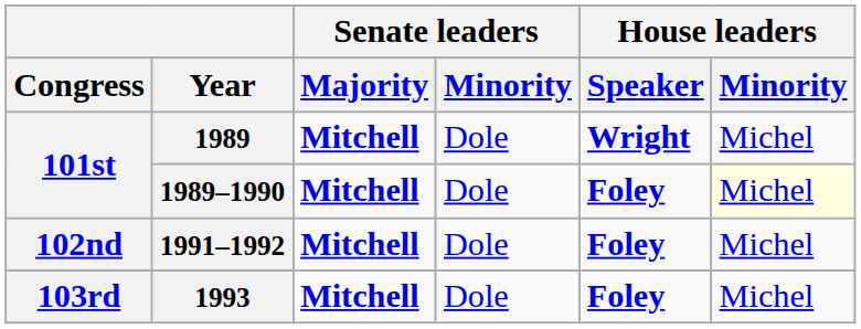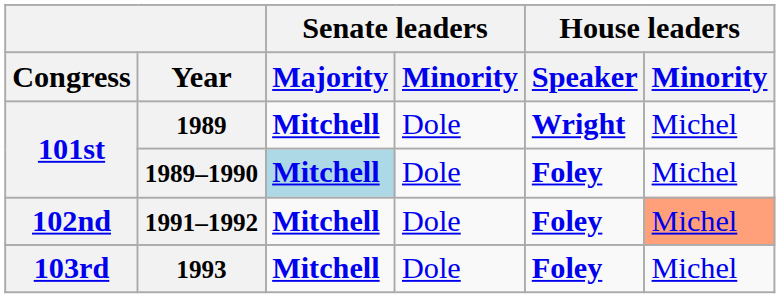 <table class="wikitable" style="margin-left:1em">
 <tr>
 <th colspan=2></th>
 <th colspan=2>Senate leaders</th>
 <th colspan=2>House leaders</th>
 </tr>
 <tr>
 <th>Congress</th>
 <th>Year</th>
 <th><a href='#'>Majority</a></th>
 <th><a href='#'>Minority</a></th>
 <th><a href='#'>Speaker</a></th>
 <th><a href='#'>Minority</a></th>
 </tr>
 <tr>
 <th rowspan=2 ><a href='#'>101st</a></th>
 <th><small>1989</small></th>
 <td><strong><a href='#'>Mitchell</a></strong></td>
 <td><a href='#'>Dole</a></td>
 <td><strong><a href='#'>Wright</a></strong></td>
 <td><a href='#'>Michel</a></td>
 </tr>
 <tr>
 <th><small>1989–1990</small></th>
-<td><strong><a href='#'>Mitchell</a></strong></td>
+<td style="background: lightblue;"><strong><a href='#'>Mitchell</a></strong></td>
 <td><a href='#'>Dole</a></td>
 <td><strong><a href='#'>Foley</a></strong></td>
-<td style="background: lightyellow;"><a href='#'>Michel</a></td>
+<td><a href='#'>Michel</a></td>
 </tr>
 <tr>
 <th><a href='#'>102nd</a></th>
 <th><small>1991–1992</small></th>
 <td><strong><a href='#'>Mitchell</a></strong></td>
 <td><a href='#'>Dole</a></td>
 <td><strong><a href='#'>Foley</a></strong></td>
-<td><a href='#'>Michel</a></td>
+<td style="background: lightsalmon;"><a href='#'>Michel</a></td>
 </tr>
 <tr>
 <th><a href='#'>103rd</a></th>
 <th><small>1993</small></th>
 <td><strong><a href='#'>Mitchell</a></strong></td>
 <td><a href='#'>Dole</a></td>
 <td><strong><a href='#'>Foley</a></strong></td>
 <td><a href='#'>Michel</a></td>
 </tr>
 </table>
